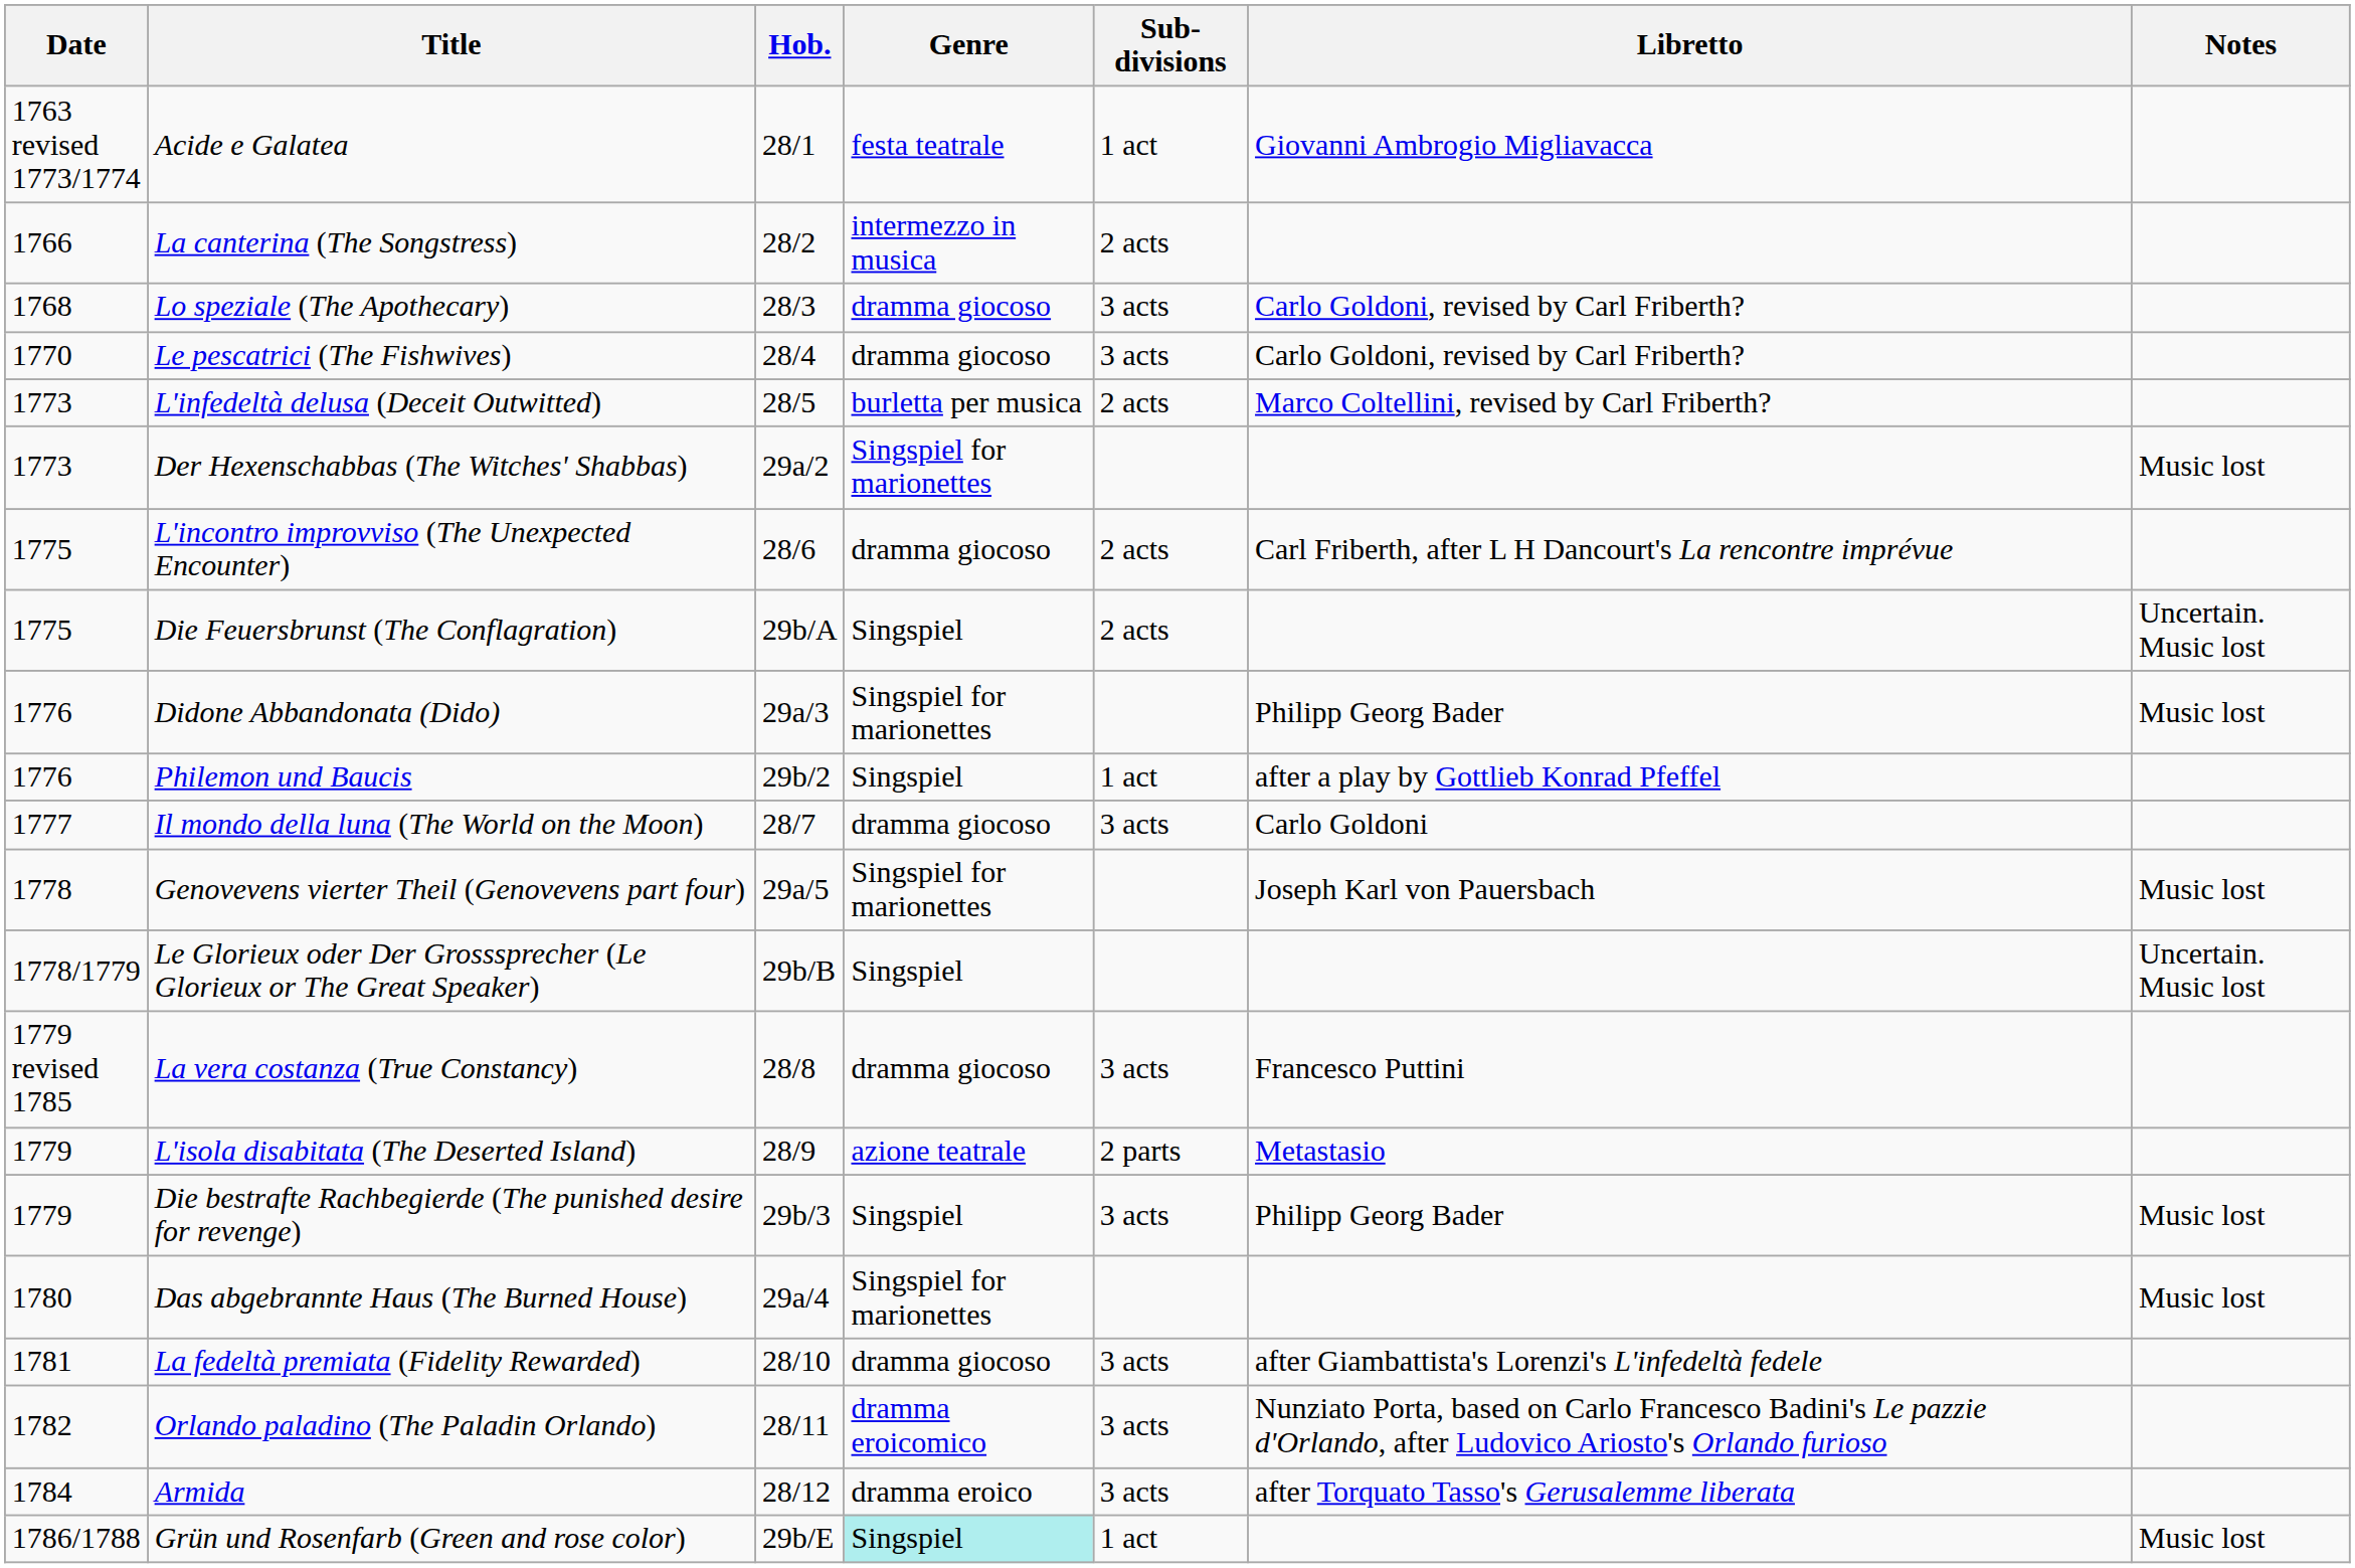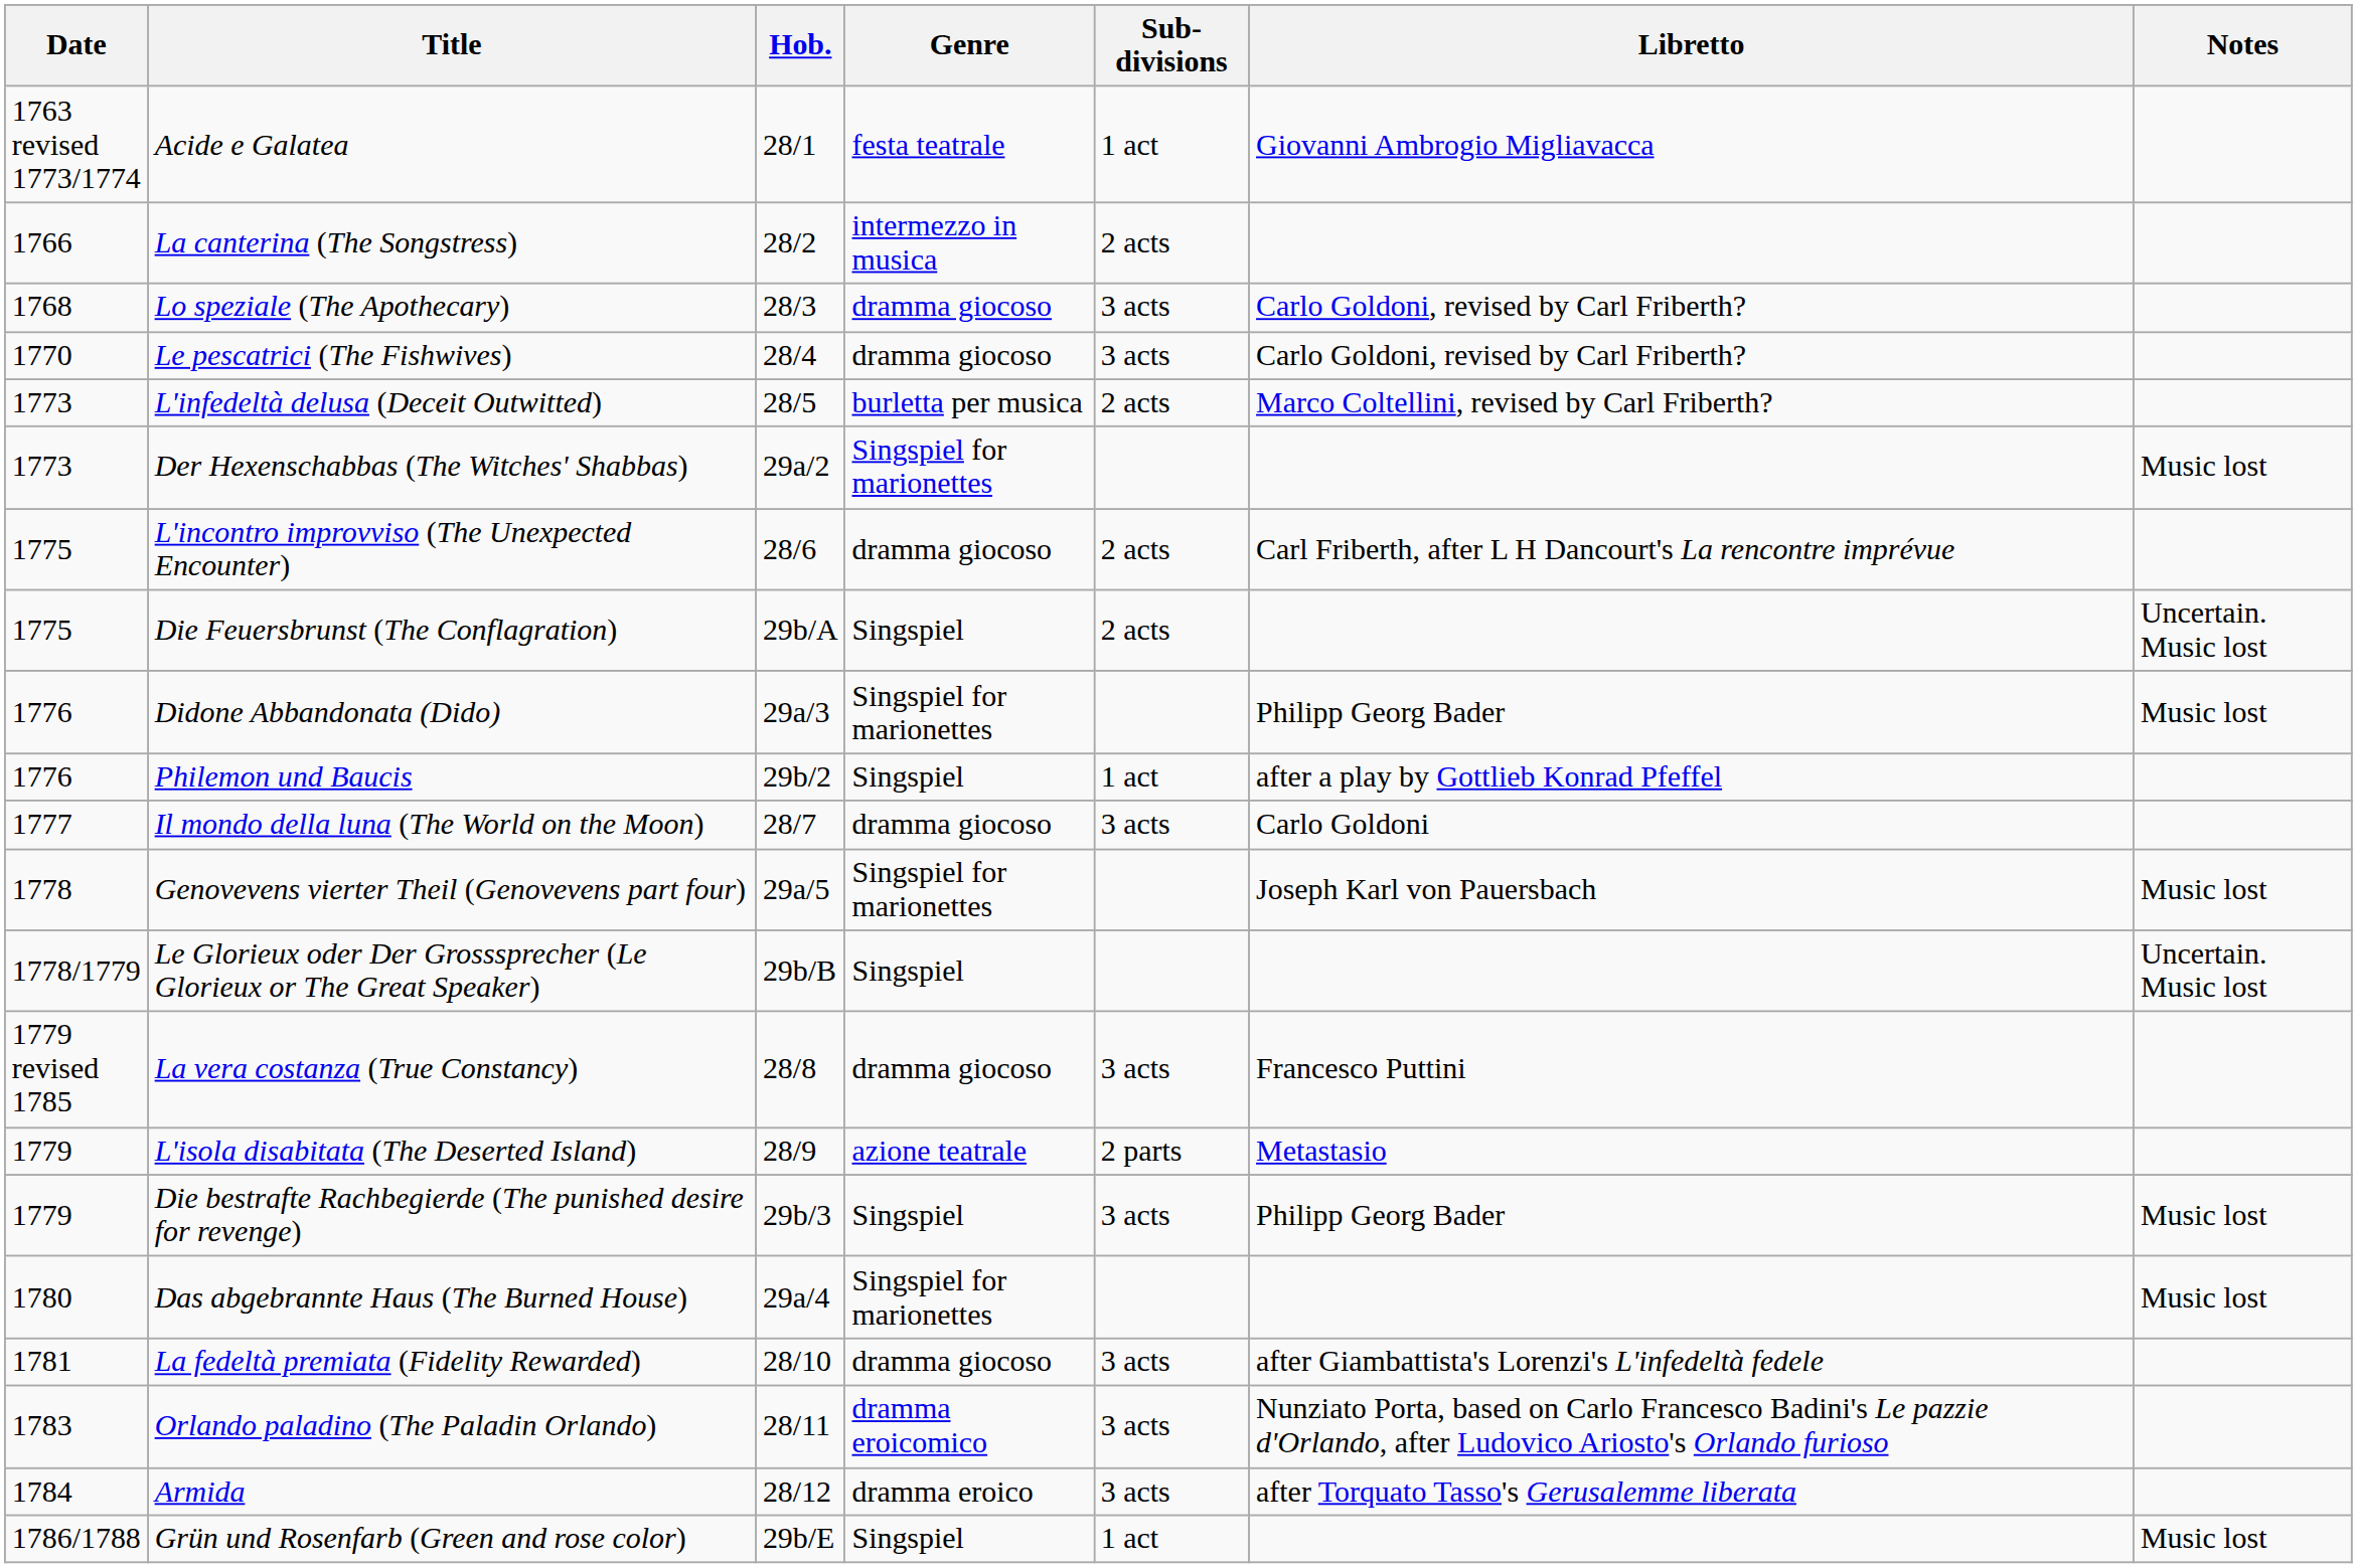 <table class="wikitable sortable">
 <tr>
 <th width="60px">Date</th>
 <th>Title</th>
 <th><a href='#'>Hob.</a></th>
 <th>Genre</th>
 <th>Sub­divisions</th>
 <th>Libretto</th>
 <th>Notes</th>
 </tr>
 <tr>
 <td>1763<br>revised 1773/1774</td>
 <td><em>Acide e Galatea</em></td>
 <td>28/1</td>
 <td><a href='#'>festa teatrale</a></td>
 <td>1 act</td>
 <td><a href='#'>Giovanni Ambrogio Migliavacca</a></td>
 <td></td>
 </tr>
 <tr>
 <td>1766</td>
 <td><em><a href='#'>La canterina</a></em> (<em>The Songstress</em>)</td>
 <td>28/2</td>
 <td><a href='#'>intermezzo in musica</a></td>
 <td>2 acts</td>
 <td></td>
 <td></td>
 </tr>
 <tr>
 <td>1768</td>
 <td><em><a href='#'>Lo speziale</a></em> (<em>The Apothecary</em>)</td>
 <td>28/3</td>
 <td><a href='#'>dramma giocoso</a></td>
 <td>3 acts</td>
 <td><a href='#'>Carlo Goldoni</a>, revised by Carl Friberth?</td>
 <td></td>
 </tr>
 <tr>
 <td>1770</td>
 <td><em><a href='#'>Le pescatrici</a></em> (<em>The Fishwives</em>)</td>
 <td>28/4</td>
 <td>dramma giocoso</td>
 <td>3 acts</td>
 <td>Carlo Goldoni, revised by Carl Friberth?</td>
 <td></td>
 </tr>
 <tr>
 <td>1773</td>
 <td><em><a href='#'>L'infedeltà delusa</a></em> (<em>Deceit Outwitted</em>)</td>
 <td>28/5</td>
 <td><a href='#'>burletta</a> per musica</td>
 <td>2 acts</td>
 <td><a href='#'>Marco Coltellini</a>, revised by Carl Friberth?</td>
 <td></td>
 </tr>
 <tr>
 <td>1773</td>
 <td><em>Der Hexenschabbas</em> (<em>The Witches' Shabbas</em>)</td>
 <td>29a/2</td>
 <td><a href='#'>Singspiel</a> for <a href='#'>marionettes</a></td>
 <td></td>
 <td></td>
 <td>Music lost</td>
 </tr>
 <tr>
 <td>1775</td>
 <td><em><a href='#'>L'incontro improvviso</a></em> (<em>The Unexpected Encounter</em>)</td>
 <td>28/6</td>
 <td>dramma giocoso</td>
 <td>2 acts</td>
 <td>Carl Friberth, after L H Dancourt's <em>La rencontre imprévue</em></td>
 <td></td>
 </tr>
 <tr>
 <td>1775</td>
 <td><em>Die Feuersbrunst</em> (<em>The Conflagration</em>)</td>
 <td>29b/A</td>
 <td>Singspiel</td>
 <td>2 acts</td>
 <td></td>
 <td>Uncertain. Music lost</td>
 </tr>
 <tr>
 <td>1776</td>
 <td><em>Didone Abbandonata (Dido)</em></td>
 <td>29a/3</td>
 <td>Singspiel for marionettes</td>
 <td></td>
 <td>Philipp Georg Bader</td>
 <td>Music lost</td>
 </tr>
 <tr>
 <td>1776</td>
 <td><em><a href='#'>Philemon und Baucis</a></em></td>
 <td>29b/2</td>
 <td>Singspiel</td>
 <td>1 act</td>
 <td>after a play by <a href='#'>Gottlieb Konrad Pfeffel</a></td>
 <td></td>
 </tr>
 <tr>
 <td>1777</td>
 <td><em><a href='#'>Il mondo della luna</a></em> (<em>The World on the Moon</em>)</td>
 <td>28/7</td>
 <td>dramma giocoso</td>
 <td>3 acts</td>
 <td>Carlo Goldoni</td>
 <td></td>
 </tr>
 <tr>
 <td>1778</td>
 <td><em>Genovevens vierter Theil</em> (<em>Genovevens part four</em>)</td>
 <td>29a/5</td>
 <td>Singspiel for marionettes</td>
 <td></td>
 <td>Joseph Karl von Pauersbach</td>
 <td>Music lost</td>
 </tr>
 <tr>
 <td>1778/1779</td>
 <td><em>Le Glorieux oder Der Grosssprecher</em> (<em>Le Glorieux or The Great Speaker</em>)</td>
 <td>29b/B</td>
 <td>Singspiel</td>
 <td></td>
 <td></td>
 <td>Uncertain. Music lost</td>
 </tr>
 <tr>
 <td>1779<br>revised 1785</td>
 <td><em><a href='#'>La vera costanza</a></em> (<em>True Constancy</em>)</td>
 <td>28/8</td>
 <td>dramma giocoso</td>
 <td>3 acts</td>
 <td>Francesco Puttini</td>
 <td></td>
 </tr>
 <tr>
 <td>1779</td>
 <td><em><a href='#'>L'isola disabitata</a></em> (<em>The Deserted Island</em>)</td>
 <td>28/9</td>
 <td><a href='#'>azione teatrale</a></td>
 <td>2 parts</td>
 <td><a href='#'>Metastasio</a></td>
 <td></td>
 </tr>
 <tr>
 <td>1779</td>
 <td><em>Die bestrafte Rachbegierde</em> (<em>The punished desire for revenge</em>)</td>
 <td>29b/3</td>
 <td>Singspiel</td>
 <td>3 acts</td>
 <td>Philipp Georg Bader</td>
 <td>Music lost</td>
 </tr>
 <tr>
 <td> 1780</td>
 <td><em>Das abgebrannte Haus</em> (<em>The Burned House</em>)</td>
 <td>29a/4</td>
 <td>Singspiel for marionettes</td>
 <td></td>
 <td></td>
 <td>Music lost</td>
 </tr>
 <tr>
 <td>1781</td>
 <td><em><a href='#'>La fedeltà premiata</a></em> (<em>Fidelity Rewarded</em>)</td>
 <td>28/10</td>
 <td>dramma giocoso</td>
 <td>3 acts</td>
 <td>after Giambattista's Lorenzi's <em>L'infedeltà fedele</em></td>
 <td></td>
 </tr>
 <tr>
-<td>1782</td>
+<td>1783</td>
 <td><em><a href='#'>Orlando paladino</a></em> (<em>The Paladin Orlando</em>)</td>
 <td>28/11</td>
 <td><a href='#'>dramma eroicomico</a></td>
 <td>3 acts</td>
 <td>Nunziato Porta, based on Carlo Francesco Badini's <em>Le pazzie d'Orlando</em>, after <a href='#'>Ludovico Ariosto</a>'s <em><a href='#'>Orlando furioso</a></em></td>
 <td></td>
 </tr>
 <tr>
 <td>1784</td>
 <td><em><a href='#'>Armida</a></em></td>
 <td>28/12</td>
 <td>dramma eroico</td>
 <td>3 acts</td>
 <td>after <a href='#'>Torquato Tasso</a>'s <em><a href='#'>Gerusalemme liberata</a></em></td>
 <td></td>
 </tr>
 <tr>
 <td>1786/1788</td>
 <td><em>Grün und Rosenfarb</em> (<em>Green and rose color</em>)</td>
 <td>29b/E</td>
-<td style="background: paleturquoise;">Singspiel</td>
+<td>Singspiel</td>
 <td>1 act</td>
 <td></td>
 <td>Music lost</td>
 </tr>
 </table>
